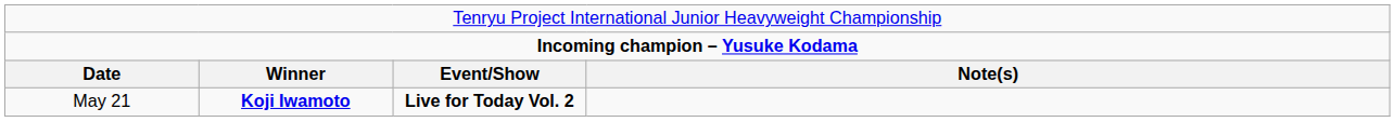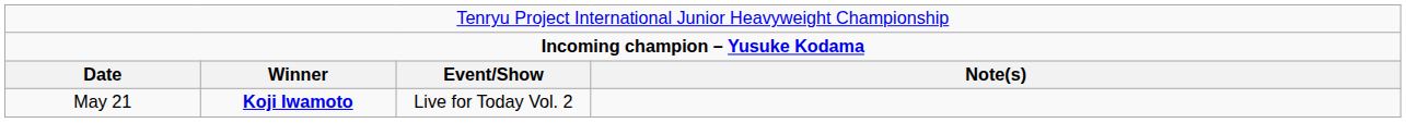 <table class="wikitable" style="text-align:center; width:100%;">
 <tr>
 <td colspan="4" style="text-align: center;"><a href='#'>Tenryu Project International Junior Heavyweight Championship</a></td>
 </tr>
 <tr>
 <td colspan="4" style="text-align: center;"><strong>Incoming champion – <a href='#'>Yusuke Kodama</a></strong></td>
 </tr>
 <tr>
 <th width="14%">Date</th>
 <th width="14%">Winner</th>
 <th width="14%">Event/Show</th>
 <th width="58%">Note(s)</th>
 </tr>
 <tr>
 <td>May 21</td>
 <td><strong><a href='#'>Koji Iwamoto</a></strong></td>
-<td><strong>Live for Today Vol. 2</strong></td>
+<td>Live for Today Vol. 2</td>
 <td></td>
 </tr>
 </table>
